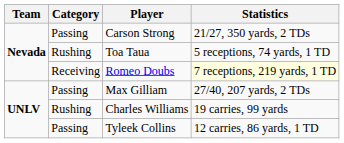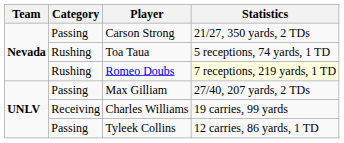 <table class="wikitable" style="float: left;">
 <tr>
 <th>Team</th>
 <th>Category</th>
 <th>Player</th>
 <th>Statistics</th>
 </tr>
 <tr>
 <td rowspan=3><strong>Nevada</strong></td>
 <td>Passing</td>
 <td>Carson Strong</td>
 <td>21/27, 350 yards, 2 TDs</td>
 </tr>
 <tr>
 <td>Rushing</td>
 <td>Toa Taua</td>
 <td>5 receptions, 74 yards, 1 TD</td>
 </tr>
 <tr>
-<td>Receiving</td>
+<td>Rushing</td>
 <td><a href='#'>Romeo Doubs</a></td>
 <td style="background: lightyellow;">7 receptions, 219 yards, 1 TD</td>
 </tr>
 <tr>
 <td rowspan=3><strong>UNLV</strong></td>
 <td>Passing</td>
 <td>Max Gilliam</td>
 <td>27/40, 207 yards, 2 TDs</td>
 </tr>
 <tr>
-<td>Rushing</td>
+<td>Receiving</td>
 <td>Charles Williams</td>
 <td>19 carries, 99 yards</td>
 </tr>
 <tr>
 <td>Passing</td>
 <td>Tyleek Collins</td>
 <td>12 carries, 86 yards, 1 TD</td>
 </tr>
 </table>
